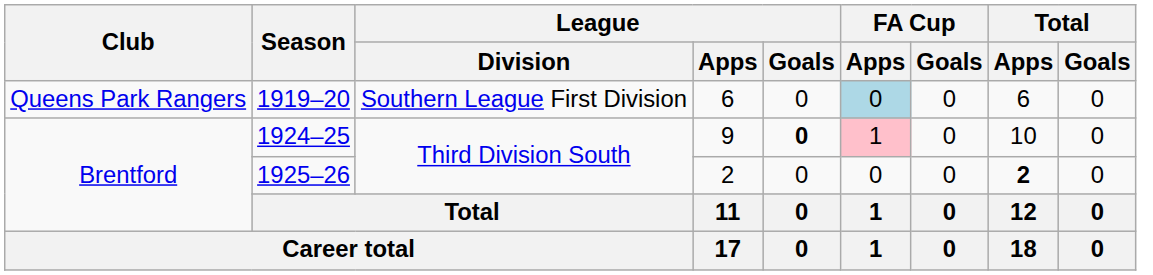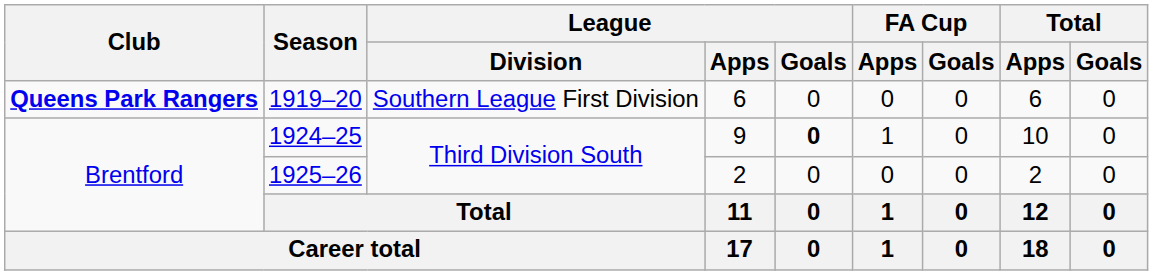 <table class="wikitable" style="text-align: center;">
 <tr>
 <th rowspan="2">Club</th>
 <th rowspan="2">Season</th>
 <th colspan="3">League</th>
 <th colspan="2">FA Cup</th>
 <th colspan="2">Total</th>
 </tr>
 <tr>
 <th>Division</th>
 <th>Apps</th>
 <th>Goals</th>
 <th>Apps</th>
 <th>Goals</th>
 <th>Apps</th>
 <th>Goals</th>
 </tr>
 <tr>
-<td><a href='#'>Queens Park Rangers</a></td>
+<td><strong><a href='#'>Queens Park Rangers</a></strong></td>
 <td><a href='#'>1919–20</a></td>
 <td><a href='#'>Southern League</a> First Division</td>
 <td>6</td>
 <td>0</td>
-<td style="background: lightblue;">0</td>
+<td>0</td>
 <td>0</td>
 <td>6</td>
 <td>0</td>
 </tr>
 <tr>
 <td rowspan="3"><a href='#'>Brentford</a></td>
 <td><a href='#'>1924–25</a></td>
 <td rowspan="2"><a href='#'>Third Division South</a></td>
 <td>9</td>
 <td><strong>0</strong></td>
-<td style="background: pink;">1</td>
+<td>1</td>
 <td>0</td>
 <td>10</td>
 <td>0</td>
 </tr>
 <tr>
 <td><a href='#'>1925–26</a></td>
 <td>2</td>
 <td>0</td>
 <td>0</td>
 <td>0</td>
-<td><strong>2</strong></td>
+<td>2</td>
 <td>0</td>
 </tr>
 <tr>
 <th colspan="2">Total</th>
 <th>11</th>
 <th>0</th>
 <th>1</th>
 <th>0</th>
 <th>12</th>
 <th>0</th>
 </tr>
 <tr>
 <th colspan="3">Career total</th>
 <th>17</th>
 <th>0</th>
 <th>1</th>
 <th>0</th>
 <th>18</th>
 <th>0</th>
 </tr>
 </table>
